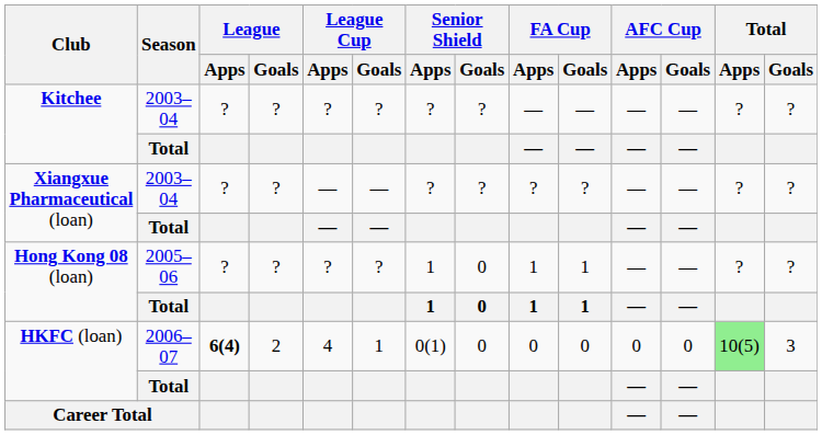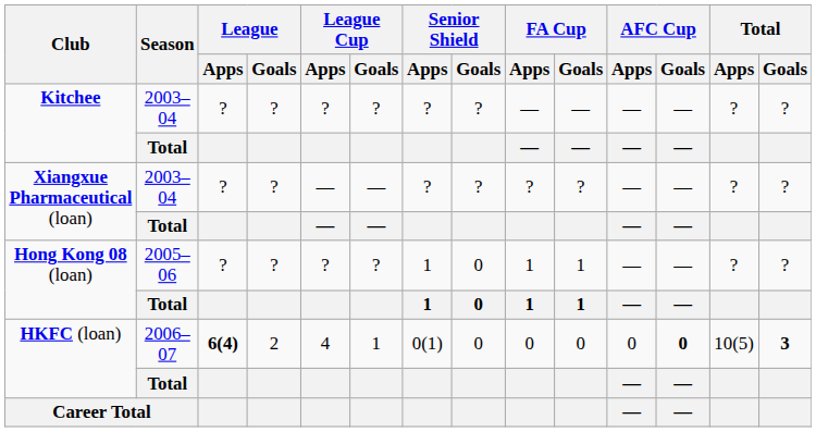 <table class="wikitable" style="text-align: center;">
 <tr>
 <th rowspan=2>Club</th>
 <th rowspan=2>Season</th>
 <th colspan=2><a href='#'>League</a></th>
 <th colspan=2><a href='#'>League Cup</a></th>
 <th colspan=2><a href='#'>Senior Shield</a></th>
 <th colspan=2><a href='#'>FA Cup</a></th>
 <th colspan=2><a href='#'>AFC Cup</a></th>
 <th colspan=2>Total</th>
 </tr>
 <tr>
 <th>Apps</th>
 <th>Goals</th>
 <th>Apps</th>
 <th>Goals</th>
 <th>Apps</th>
 <th>Goals</th>
 <th>Apps</th>
 <th>Goals</th>
 <th>Apps</th>
 <th>Goals</th>
 <th>Apps</th>
 <th>Goals</th>
 </tr>
 <tr>
 <td rowspan=2 valign="top"><strong><a href='#'>Kitchee</a></strong></td>
 <td><a href='#'>2003–04</a></td>
 <td>?</td>
 <td>?</td>
 <td>?</td>
 <td>?</td>
 <td>?</td>
 <td>?</td>
 <td>—</td>
 <td>—</td>
 <td>—</td>
 <td>—</td>
 <td>?</td>
 <td>?</td>
 </tr>
 <tr>
 <th>Total</th>
 <th></th>
 <th></th>
 <th></th>
 <th></th>
 <th></th>
 <th></th>
 <th>—</th>
 <th>—</th>
 <th>—</th>
 <th>—</th>
 <th></th>
 <th></th>
 </tr>
 <tr>
 <td rowspan=2 valign="top"><strong><a href='#'>Xiangxue Pharmaceutical</a></strong> (loan)</td>
 <td><a href='#'>2003–04</a></td>
 <td>?</td>
 <td>?</td>
 <td>—</td>
 <td>—</td>
 <td>?</td>
 <td>?</td>
 <td>?</td>
 <td>?</td>
 <td>—</td>
 <td>—</td>
 <td>?</td>
 <td>?</td>
 </tr>
 <tr>
 <th>Total</th>
 <th></th>
 <th></th>
 <th>—</th>
 <th>—</th>
 <th></th>
 <th></th>
 <th></th>
 <th></th>
 <th>—</th>
 <th>—</th>
 <th></th>
 <th></th>
 </tr>
 <tr>
 <td rowspan=2 valign="top"><strong><a href='#'>Hong Kong 08</a></strong> (loan)</td>
 <td><a href='#'>2005–06</a></td>
 <td>?</td>
 <td>?</td>
 <td>?</td>
 <td>?</td>
 <td>1</td>
 <td>0</td>
 <td>1</td>
 <td>1</td>
 <td>—</td>
 <td>—</td>
 <td>?</td>
 <td>?</td>
 </tr>
 <tr>
 <th>Total</th>
 <th></th>
 <th></th>
 <th></th>
 <th></th>
 <th>1</th>
 <th>0</th>
 <th>1</th>
 <th>1</th>
 <th>—</th>
 <th>—</th>
 <th></th>
 <th></th>
 </tr>
 <tr>
 <td rowspan=2 valign="top"><strong><a href='#'>HKFC</a></strong> (loan)</td>
 <td><a href='#'>2006–07</a></td>
 <td><strong>6(4)</strong></td>
 <td>2</td>
 <td>4</td>
 <td>1</td>
 <td>0(1)</td>
 <td>0</td>
 <td>0</td>
 <td>0</td>
 <td>0</td>
-<td>0</td>
-<td style="background: lightgreen;">10(5)</td>
-<td>3</td>
+<td><strong>0</strong></td>
+<td>10(5)</td>
+<td><strong>3</strong></td>
 </tr>
 <tr>
 <th>Total</th>
 <th></th>
 <th></th>
 <th></th>
 <th></th>
 <th></th>
 <th></th>
 <th></th>
 <th></th>
 <th>—</th>
 <th>—</th>
 <th></th>
 <th></th>
 </tr>
 <tr>
 <th colspan=2>Career Total</th>
 <th></th>
 <th></th>
 <th></th>
 <th></th>
 <th></th>
 <th></th>
 <th></th>
 <th></th>
 <th>—</th>
 <th>—</th>
 <th></th>
 <th></th>
 </tr>
 </table>
